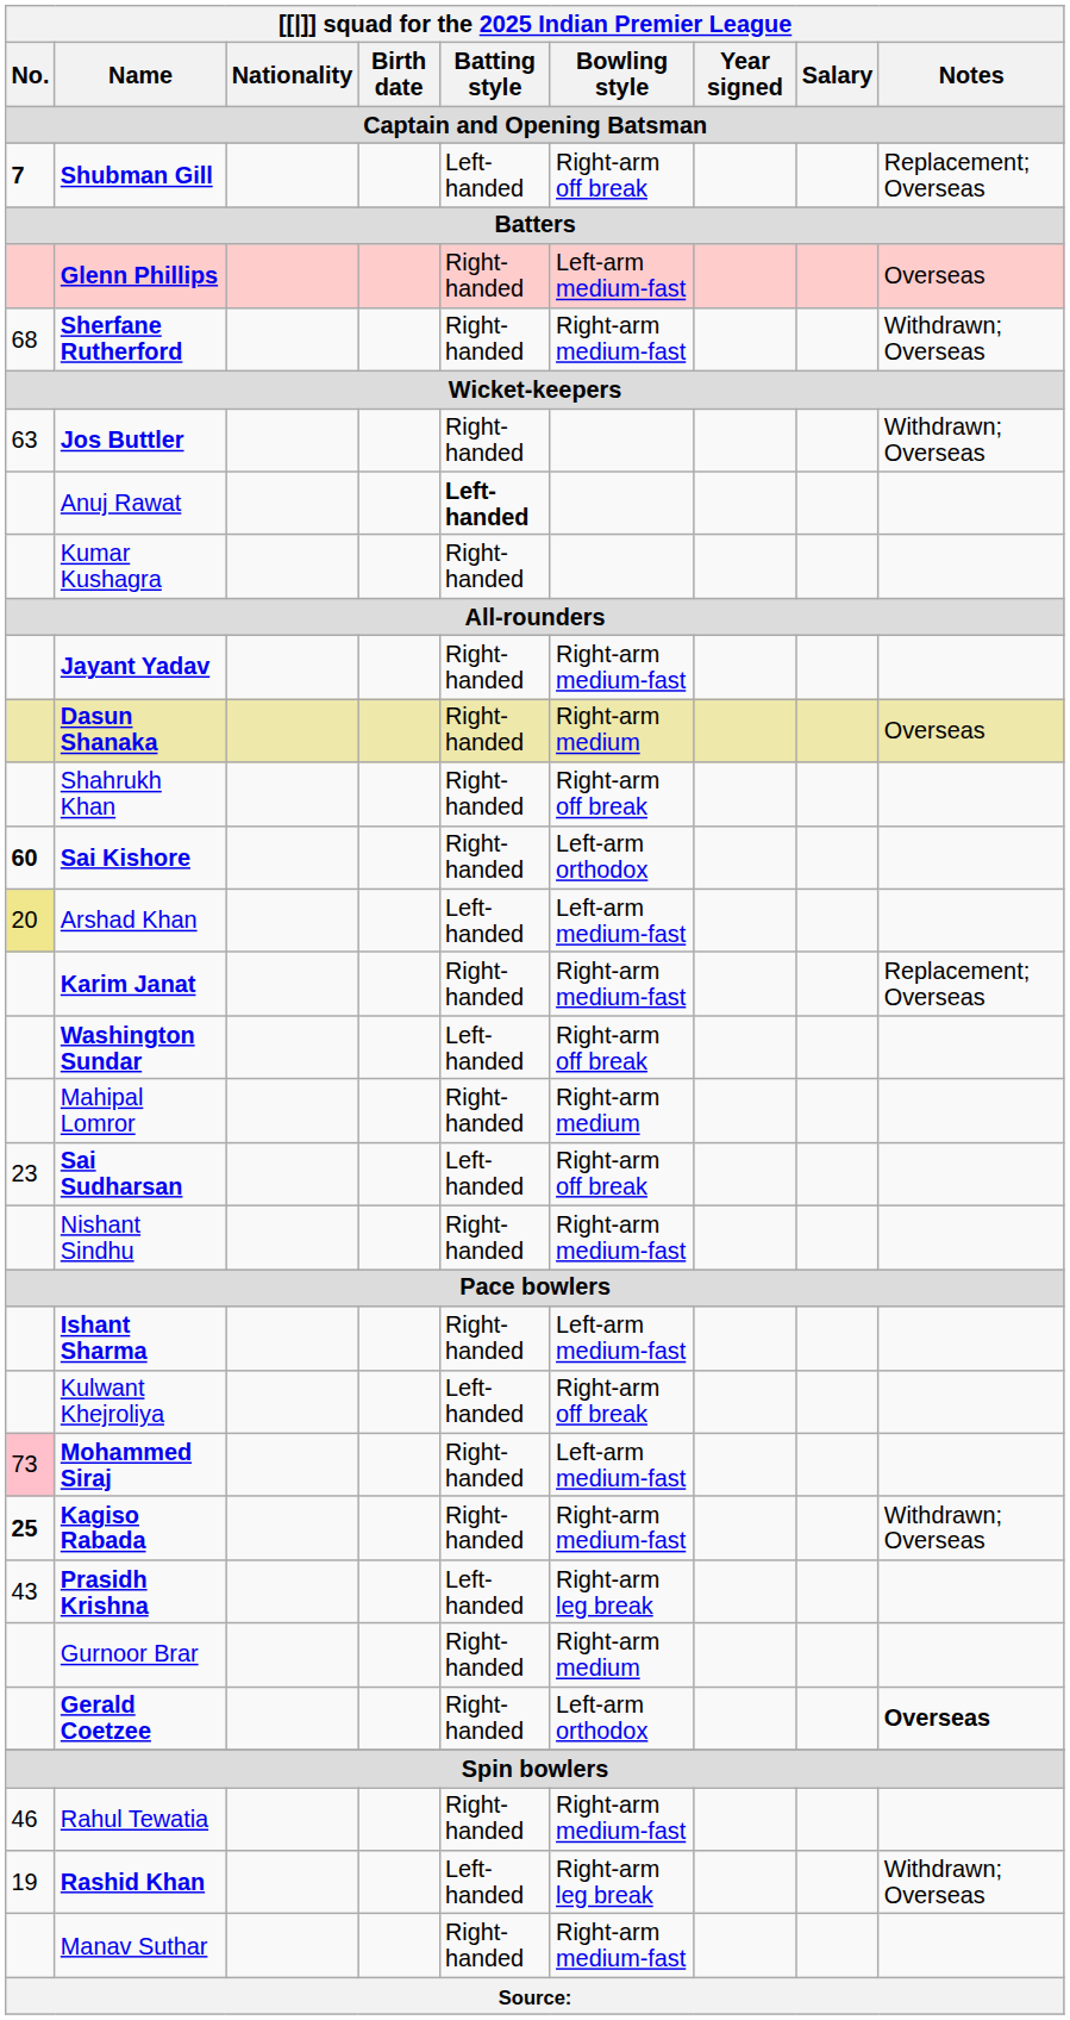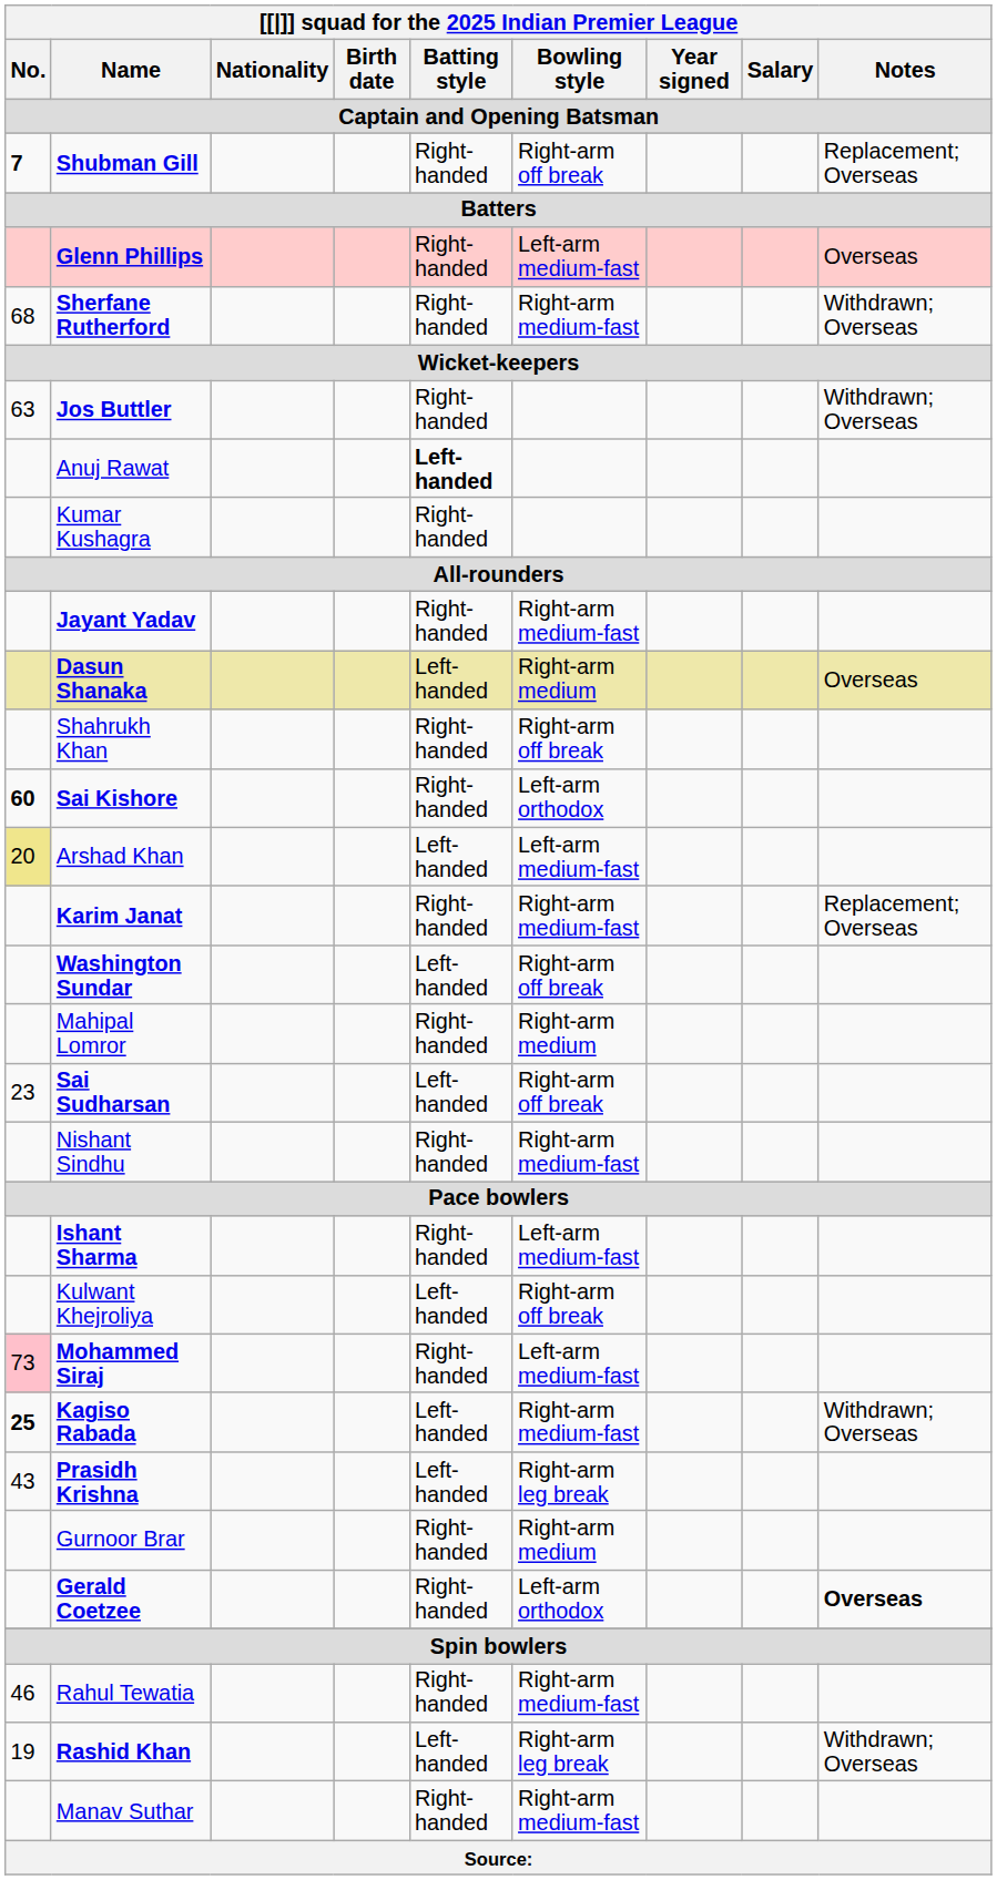 <table class="wikitable"style="font-size:85%">
 <tr>
 <th colspan="9" style="background:#"><span>[[|<span></span>]] squad for the <a href='#'><span>2025 Indian Premier League</span></a></span></th>
 </tr>
 <tr>
 <th>No.</th>
 <th>Name</th>
 <th>Nationality</th>
 <th>Birth date</th>
 <th>Batting style</th>
 <th>Bowling style</th>
 <th>Year signed</th>
 <th>Salary</th>
 <th>Notes</th>
 </tr>
 <tr>
 <th colspan="9"  style="background:#dcdcdc; text-align:center;">Captain and Opening Batsman</th>
 </tr>
 <tr>
 <td><strong>7</strong></td>
 <td><strong><a href='#'>Shubman Gill</a></strong></td>
 <td></td>
 <td></td>
-<td>Left-handed</td>
+<td>Right-handed</td>
 <td>Right-arm <a href='#'>off break</a></td>
 <td style="text-align:right;"></td>
 <td style="text-align:right;"></td>
 <td>Replacement; Overseas</td>
 </tr>
 <tr>
 <th colspan="9"  style="background:#dcdcdc; text-align:center;">Batters</th>
 </tr>
 <tr style="background:#FFCCCC;">
 <td></td>
 <td><strong><a href='#'>Glenn Phillips</a></strong></td>
 <td></td>
 <td></td>
 <td>Right-handed</td>
 <td>Left-arm <a href='#'>medium-fast</a></td>
 <td style="text-align:right;"></td>
 <td style="text-align:right;"></td>
 <td>Overseas</td>
 </tr>
 <tr>
 <td>68</td>
 <td><strong><a href='#'>Sherfane Rutherford</a></strong></td>
 <td></td>
 <td></td>
 <td>Right-handed</td>
 <td>Right-arm <a href='#'>medium-fast</a></td>
 <td style="text-align:right;"></td>
 <td style="text-align:right;"></td>
 <td>Withdrawn; Overseas</td>
 </tr>
 <tr>
 <th colspan="9" style="background:#dcdcdc; text-align:center">Wicket-keepers</th>
 </tr>
 <tr>
 <td>63</td>
 <td><strong><a href='#'>Jos Buttler</a></strong></td>
 <td></td>
 <td></td>
 <td>Right-handed</td>
 <td></td>
 <td style="text-align:right;"></td>
 <td style="text-align:right;"></td>
 <td>Withdrawn; Overseas</td>
 </tr>
 <tr>
 <td></td>
 <td><a href='#'>Anuj Rawat</a></td>
 <td></td>
 <td></td>
 <td><strong>Left-handed</strong></td>
 <td></td>
 <td style="text-align:right;"></td>
 <td style="text-align:right;"></td>
 <td></td>
 </tr>
 <tr>
 <td></td>
 <td><a href='#'>Kumar Kushagra</a></td>
 <td></td>
 <td></td>
 <td>Right-handed</td>
 <td></td>
 <td style="text-align:right;"></td>
 <td style="text-align:right;"></td>
 <td></td>
 </tr>
 <tr>
 <th colspan="9" style="background:#dcdcdc; text-align:center">All-rounders</th>
 </tr>
 <tr>
 <td></td>
 <td><strong><a href='#'>Jayant Yadav</a></strong></td>
 <td></td>
 <td></td>
 <td>Right-handed</td>
 <td>Right-arm <a href='#'>medium-fast</a></td>
 <td style="text-align:right;"></td>
 <td style="text-align:right;"></td>
 <td></td>
 </tr>
 <tr style="background:#EEE8AA;">
 <td></td>
 <td><strong><a href='#'>Dasun Shanaka</a></strong></td>
 <td></td>
 <td></td>
-<td>Right-handed</td>
+<td>Left-handed</td>
 <td>Right-arm <a href='#'>medium</a></td>
 <td style="text-align:right;"></td>
 <td style="text-align:right;"></td>
 <td>Overseas</td>
 </tr>
 <tr>
 <td></td>
 <td><a href='#'>Shahrukh Khan</a></td>
 <td></td>
 <td></td>
 <td>Right-handed</td>
 <td>Right-arm <a href='#'>off break</a></td>
 <td style="text-align:right;"></td>
 <td style="text-align:right;"></td>
 <td></td>
 </tr>
 <tr>
 <td><strong>60</strong></td>
 <td><strong><a href='#'>Sai Kishore</a></strong></td>
 <td></td>
 <td></td>
 <td>Right-handed</td>
 <td>Left-arm <a href='#'>orthodox</a></td>
 <td style="text-align:right;"></td>
 <td style="text-align:right;"></td>
 <td></td>
 </tr>
 <tr>
 <td style="background: khaki;">20</td>
 <td><a href='#'>Arshad Khan</a></td>
 <td></td>
 <td></td>
 <td>Left-handed</td>
 <td>Left-arm <a href='#'>medium-fast</a></td>
 <td style="text-align:right;"></td>
 <td style="text-align:right;"></td>
 <td></td>
 </tr>
 <tr>
 <td></td>
 <td><strong><a href='#'>Karim Janat</a></strong></td>
 <td></td>
 <td></td>
 <td>Right-handed</td>
 <td>Right-arm <a href='#'>medium-fast</a></td>
 <td style="text-align:right;"></td>
 <td style="text-align:right;"></td>
 <td>Replacement; Overseas</td>
 </tr>
 <tr>
 <td></td>
 <td><strong><a href='#'>Washington Sundar</a></strong></td>
 <td></td>
 <td></td>
 <td>Left-handed</td>
 <td>Right-arm <a href='#'>off break</a></td>
 <td style="text-align:right;"></td>
 <td style="text-align:right;"></td>
 <td></td>
 </tr>
 <tr>
 <td></td>
 <td><a href='#'>Mahipal Lomror</a></td>
 <td></td>
 <td></td>
 <td>Right-handed</td>
 <td>Right-arm <a href='#'>medium</a></td>
 <td style="text-align:right;"></td>
 <td style="text-align:right;"></td>
 <td></td>
 </tr>
 <tr>
 <td>23</td>
 <td><strong><a href='#'>Sai Sudharsan</a></strong></td>
 <td></td>
 <td></td>
 <td>Left-handed</td>
 <td>Right-arm <a href='#'>off break</a></td>
 <td style="text-align:right;"></td>
 <td style="text-align:right;"></td>
 <td></td>
 </tr>
 <tr>
 <td></td>
 <td><a href='#'>Nishant Sindhu</a></td>
 <td></td>
 <td></td>
 <td>Right-handed</td>
 <td>Right-arm <a href='#'>medium-fast</a></td>
 <td style="text-align:right;"></td>
 <td style="text-align:right;"></td>
 <td></td>
 </tr>
 <tr>
 <th colspan="9"  style="background:#dcdcdc; text-align:center;">Pace bowlers</th>
 </tr>
 <tr>
 <td></td>
 <td><strong><a href='#'>Ishant Sharma</a></strong></td>
 <td></td>
 <td></td>
 <td>Right-handed</td>
 <td>Left-arm <a href='#'>medium-fast</a></td>
 <td style="text-align:right;"></td>
 <td style="text-align:right;"></td>
 <td></td>
 </tr>
 <tr>
 <td></td>
 <td><a href='#'>Kulwant Khejroliya</a></td>
 <td></td>
 <td></td>
 <td>Left-handed</td>
 <td>Right-arm <a href='#'>off break</a></td>
 <td style="text-align:right;"></td>
 <td style="text-align:right;"></td>
 <td></td>
 </tr>
 <tr>
 <td style="background: pink;">73</td>
 <td><strong><a href='#'>Mohammed Siraj</a></strong></td>
 <td></td>
 <td></td>
 <td>Right-handed</td>
 <td>Left-arm <a href='#'>medium-fast</a></td>
 <td style="text-align:right;"></td>
 <td style="text-align:right;"></td>
 <td></td>
 </tr>
 <tr>
 <td><strong>25</strong></td>
 <td><strong><a href='#'>Kagiso Rabada</a></strong></td>
 <td></td>
 <td></td>
-<td>Right-handed</td>
+<td>Left-handed</td>
 <td>Right-arm <a href='#'>medium-fast</a></td>
 <td style="text-align:right;"></td>
 <td style="text-align:right;"></td>
 <td>Withdrawn; Overseas</td>
 </tr>
 <tr>
 <td>43</td>
 <td><strong><a href='#'>Prasidh Krishna</a></strong></td>
 <td></td>
 <td></td>
 <td>Left-handed</td>
 <td>Right-arm <a href='#'>leg break</a></td>
 <td style="text-align:right;"></td>
 <td style="text-align:right;"></td>
 <td></td>
 </tr>
 <tr>
 <td></td>
 <td><a href='#'>Gurnoor Brar</a></td>
 <td></td>
 <td></td>
 <td>Right-handed</td>
 <td>Right-arm <a href='#'>medium</a></td>
 <td style="text-align:right;"></td>
 <td style="text-align:right;"></td>
 <td></td>
 </tr>
 <tr>
 <td></td>
 <td><strong><a href='#'>Gerald Coetzee</a></strong></td>
 <td></td>
 <td></td>
 <td>Right-handed</td>
 <td>Left-arm <a href='#'>orthodox</a></td>
 <td style="text-align:right;"></td>
 <td style="text-align:right;"></td>
 <td><strong>Overseas</strong></td>
 </tr>
 <tr>
 </tr>
 <tr>
 <th colspan="9"  style="background:#dcdcdc; text-align:center;">Spin bowlers</th>
 </tr>
 <tr>
 <td>46</td>
 <td><a href='#'>Rahul Tewatia</a></td>
 <td></td>
 <td></td>
 <td>Right-handed</td>
 <td>Right-arm <a href='#'>medium-fast</a></td>
 <td style="text-align:right;"></td>
 <td style="text-align:right;"></td>
 <td></td>
 </tr>
 <tr>
 <td>19</td>
 <td><strong><a href='#'>Rashid Khan</a></strong></td>
 <td></td>
 <td></td>
 <td>Left-handed</td>
 <td>Right-arm <a href='#'>leg break</a></td>
 <td style="text-align:right;"></td>
 <td style="text-align:right;"></td>
 <td>Withdrawn; Overseas</td>
 </tr>
 <tr>
 <td></td>
 <td><a href='#'>Manav Suthar</a></td>
 <td></td>
 <td></td>
 <td>Right-handed</td>
 <td>Right-arm <a href='#'>medium-fast</a></td>
 <td style="text-align:right;"></td>
 <td style="text-align:right;"></td>
 <td></td>
 </tr>
 <tr>
 <th colspan="9" style="text-align:center;"><small>Source: </small></th>
 </tr>
 </table>
